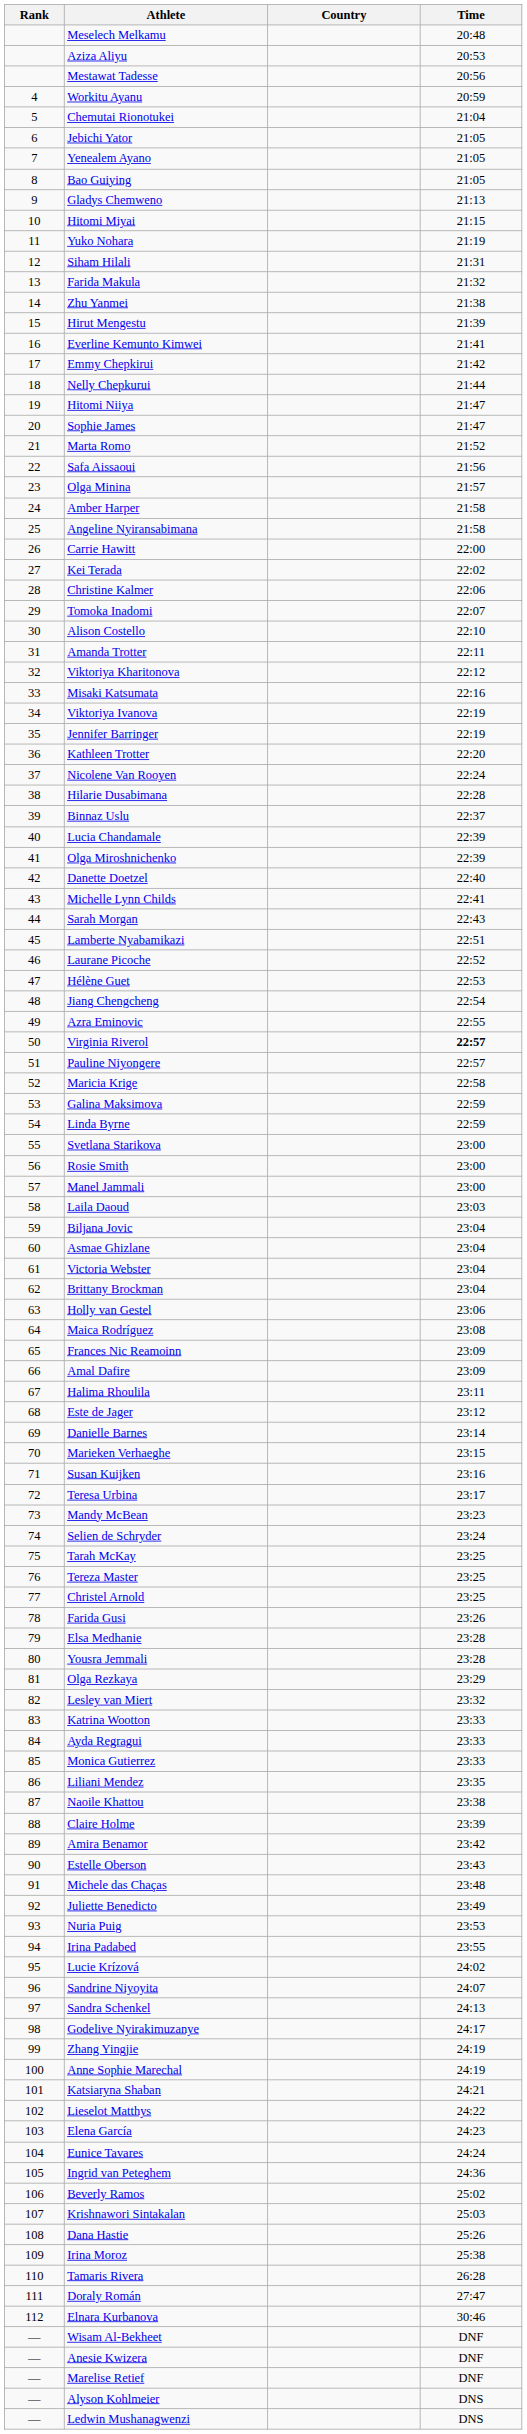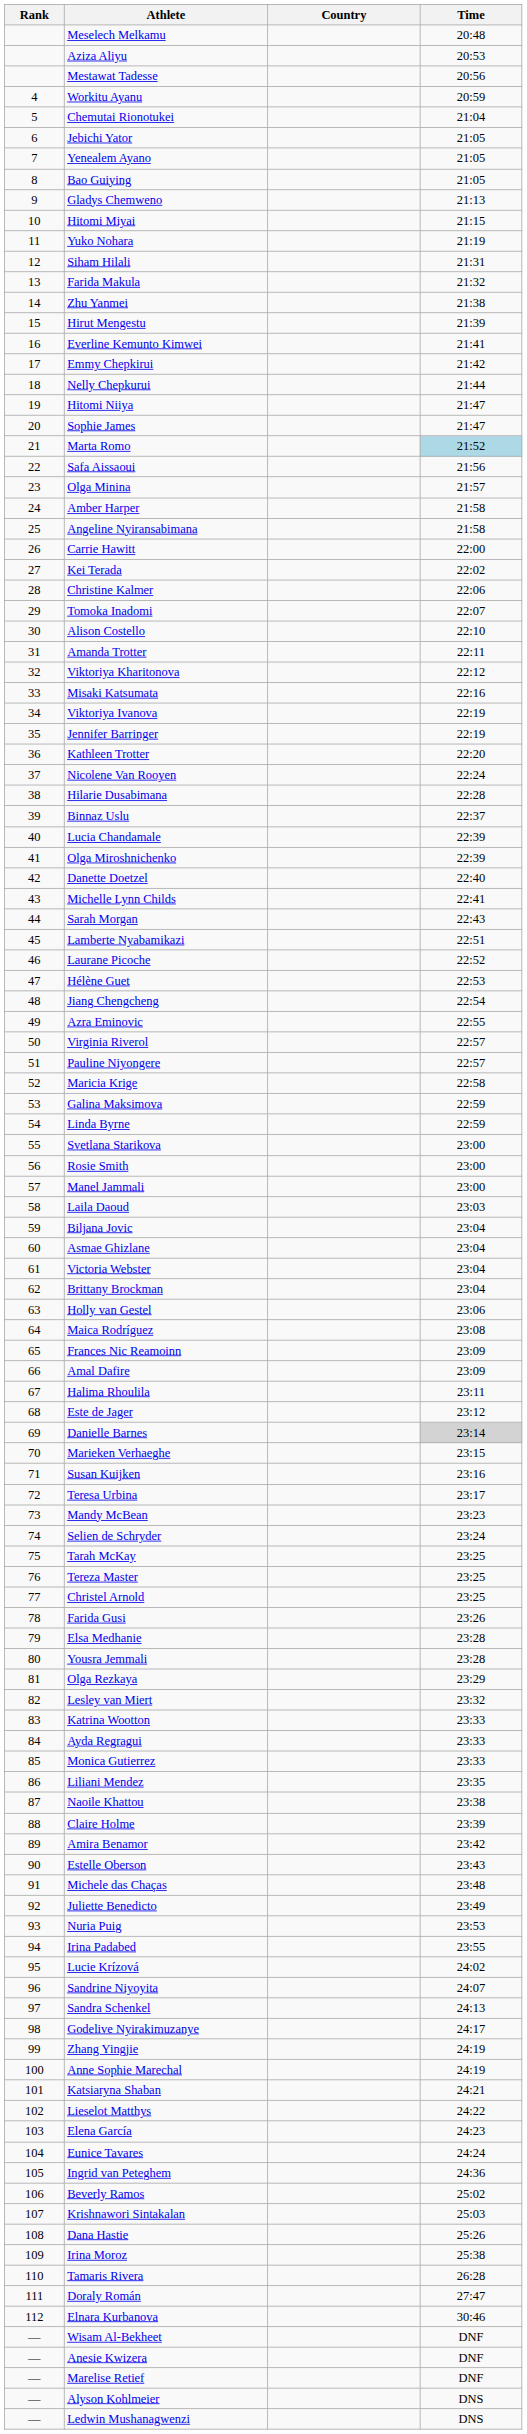 <table class="wikitable sortable" style=" text-align:center; font-size:95%;" width="50%">
 <tr>
 <th width=5%>Rank</th>
 <th width=20%>Athlete</th>
 <th width=15%>Country</th>
 <th width=10%>Time</th>
 </tr>
 <tr>
 <td align=center></td>
 <td align=left><a href='#'>Meselech Melkamu</a></td>
 <td align=left></td>
 <td>20:48</td>
 </tr>
 <tr>
 <td align=center></td>
 <td align=left><a href='#'>Aziza Aliyu</a></td>
 <td align=left></td>
 <td>20:53</td>
 </tr>
 <tr>
 <td align=center></td>
 <td align=left><a href='#'>Mestawat Tadesse</a></td>
 <td align=left></td>
 <td>20:56</td>
 </tr>
 <tr>
 <td align=center>4</td>
 <td align=left><a href='#'>Workitu Ayanu</a></td>
 <td align=left></td>
 <td>20:59</td>
 </tr>
 <tr>
 <td align=center>5</td>
 <td align=left><a href='#'>Chemutai Rionotukei</a></td>
 <td align=left></td>
 <td>21:04</td>
 </tr>
 <tr>
 <td align=center>6</td>
 <td align=left><a href='#'>Jebichi Yator</a></td>
 <td align=left></td>
 <td>21:05</td>
 </tr>
 <tr>
 <td align=center>7</td>
 <td align=left><a href='#'>Yenealem Ayano</a></td>
 <td align=left></td>
 <td>21:05</td>
 </tr>
 <tr>
 <td align=center>8</td>
 <td align=left><a href='#'>Bao Guiying</a></td>
 <td align=left></td>
 <td>21:05</td>
 </tr>
 <tr>
 <td align=center>9</td>
 <td align=left><a href='#'>Gladys Chemweno</a></td>
 <td align=left></td>
 <td>21:13</td>
 </tr>
 <tr>
 <td align=center>10</td>
 <td align=left><a href='#'>Hitomi Miyai</a></td>
 <td align=left></td>
 <td>21:15</td>
 </tr>
 <tr>
 <td align=center>11</td>
 <td align=left><a href='#'>Yuko Nohara</a></td>
 <td align=left></td>
 <td>21:19</td>
 </tr>
 <tr>
 <td align=center>12</td>
 <td align=left><a href='#'>Siham Hilali</a></td>
 <td align=left></td>
 <td>21:31</td>
 </tr>
 <tr>
 <td align=center>13</td>
 <td align=left><a href='#'>Farida Makula</a></td>
 <td align=left></td>
 <td>21:32</td>
 </tr>
 <tr>
 <td align=center>14</td>
 <td align=left><a href='#'>Zhu Yanmei</a></td>
 <td align=left></td>
 <td>21:38</td>
 </tr>
 <tr>
 <td align=center>15</td>
 <td align=left><a href='#'>Hirut Mengestu</a></td>
 <td align=left></td>
 <td>21:39</td>
 </tr>
 <tr>
 <td align=center>16</td>
 <td align=left><a href='#'>Everline Kemunto Kimwei</a></td>
 <td align=left></td>
 <td>21:41</td>
 </tr>
 <tr>
 <td align=center>17</td>
 <td align=left><a href='#'>Emmy Chepkirui</a></td>
 <td align=left></td>
 <td>21:42</td>
 </tr>
 <tr>
 <td align=center>18</td>
 <td align=left><a href='#'>Nelly Chepkurui</a></td>
 <td align=left></td>
 <td>21:44</td>
 </tr>
 <tr>
 <td align=center>19</td>
 <td align=left><a href='#'>Hitomi Niiya</a></td>
 <td align=left></td>
 <td>21:47</td>
 </tr>
 <tr>
 <td align=center>20</td>
 <td align=left><a href='#'>Sophie James</a></td>
 <td align=left></td>
 <td>21:47</td>
 </tr>
 <tr>
 <td align=center>21</td>
 <td align=left><a href='#'>Marta Romo</a></td>
 <td align=left></td>
-<td>21:52</td>
+<td style="background: lightblue;">21:52</td>
 </tr>
 <tr>
 <td align=center>22</td>
 <td align=left><a href='#'>Safa Aissaoui</a></td>
 <td align=left></td>
 <td>21:56</td>
 </tr>
 <tr>
 <td align=center>23</td>
 <td align=left><a href='#'>Olga Minina</a></td>
 <td align=left></td>
 <td>21:57</td>
 </tr>
 <tr>
 <td align=center>24</td>
 <td align=left><a href='#'>Amber Harper</a></td>
 <td align=left></td>
 <td>21:58</td>
 </tr>
 <tr>
 <td align=center>25</td>
 <td align=left><a href='#'>Angeline Nyiransabimana</a></td>
 <td align=left></td>
 <td>21:58</td>
 </tr>
 <tr>
 <td align=center>26</td>
 <td align=left><a href='#'>Carrie Hawitt</a></td>
 <td align=left></td>
 <td>22:00</td>
 </tr>
 <tr>
 <td align=center>27</td>
 <td align=left><a href='#'>Kei Terada</a></td>
 <td align=left></td>
 <td>22:02</td>
 </tr>
 <tr>
 <td align=center>28</td>
 <td align=left><a href='#'>Christine Kalmer</a></td>
 <td align=left></td>
 <td>22:06</td>
 </tr>
 <tr>
 <td align=center>29</td>
 <td align=left><a href='#'>Tomoka Inadomi</a></td>
 <td align=left></td>
 <td>22:07</td>
 </tr>
 <tr>
 <td align=center>30</td>
 <td align=left><a href='#'>Alison Costello</a></td>
 <td align=left></td>
 <td>22:10</td>
 </tr>
 <tr>
 <td align=center>31</td>
 <td align=left><a href='#'>Amanda Trotter</a></td>
 <td align=left></td>
 <td>22:11</td>
 </tr>
 <tr>
 <td align=center>32</td>
 <td align=left><a href='#'>Viktoriya Kharitonova</a></td>
 <td align=left></td>
 <td>22:12</td>
 </tr>
 <tr>
 <td align=center>33</td>
 <td align=left><a href='#'>Misaki Katsumata</a></td>
 <td align=left></td>
 <td>22:16</td>
 </tr>
 <tr>
 <td align=center>34</td>
 <td align=left><a href='#'>Viktoriya Ivanova</a></td>
 <td align=left></td>
 <td>22:19</td>
 </tr>
 <tr>
 <td align=center>35</td>
 <td align=left><a href='#'>Jennifer Barringer</a></td>
 <td align=left></td>
 <td>22:19</td>
 </tr>
 <tr>
 <td align=center>36</td>
 <td align=left><a href='#'>Kathleen Trotter</a></td>
 <td align=left></td>
 <td>22:20</td>
 </tr>
 <tr>
 <td align=center>37</td>
 <td align=left><a href='#'>Nicolene Van Rooyen</a></td>
 <td align=left></td>
 <td>22:24</td>
 </tr>
 <tr>
 <td align=center>38</td>
 <td align=left><a href='#'>Hilarie Dusabimana</a></td>
 <td align=left></td>
 <td>22:28</td>
 </tr>
 <tr>
 <td align=center>39</td>
 <td align=left><a href='#'>Binnaz Uslu</a></td>
 <td align=left></td>
 <td>22:37</td>
 </tr>
 <tr>
 <td align=center>40</td>
 <td align=left><a href='#'>Lucia Chandamale</a></td>
 <td align=left></td>
 <td>22:39</td>
 </tr>
 <tr>
 <td align=center>41</td>
 <td align=left><a href='#'>Olga Miroshnichenko</a></td>
 <td align=left></td>
 <td>22:39</td>
 </tr>
 <tr>
 <td align=center>42</td>
 <td align=left><a href='#'>Danette Doetzel</a></td>
 <td align=left></td>
 <td>22:40</td>
 </tr>
 <tr>
 <td align=center>43</td>
 <td align=left><a href='#'>Michelle Lynn Childs</a></td>
 <td align=left></td>
 <td>22:41</td>
 </tr>
 <tr>
 <td align=center>44</td>
 <td align=left><a href='#'>Sarah Morgan</a></td>
 <td align=left></td>
 <td>22:43</td>
 </tr>
 <tr>
 <td align=center>45</td>
 <td align=left><a href='#'>Lamberte Nyabamikazi</a></td>
 <td align=left></td>
 <td>22:51</td>
 </tr>
 <tr>
 <td align=center>46</td>
 <td align=left><a href='#'>Laurane Picoche</a></td>
 <td align=left></td>
 <td>22:52</td>
 </tr>
 <tr>
 <td align=center>47</td>
 <td align=left><a href='#'>Hélène Guet</a></td>
 <td align=left></td>
 <td>22:53</td>
 </tr>
 <tr>
 <td align=center>48</td>
 <td align=left><a href='#'>Jiang Chengcheng</a></td>
 <td align=left></td>
 <td>22:54</td>
 </tr>
 <tr>
 <td align=center>49</td>
 <td align=left><a href='#'>Azra Eminovic</a></td>
 <td align=left></td>
 <td>22:55</td>
 </tr>
 <tr>
 <td align=center>50</td>
 <td align=left><a href='#'>Virginia Riverol</a></td>
 <td align=left></td>
-<td><strong>22:57</strong></td>
+<td>22:57</td>
 </tr>
 <tr>
 <td align=center>51</td>
 <td align=left><a href='#'>Pauline Niyongere</a></td>
 <td align=left></td>
 <td>22:57</td>
 </tr>
 <tr>
 <td align=center>52</td>
 <td align=left><a href='#'>Maricia Krige</a></td>
 <td align=left></td>
 <td>22:58</td>
 </tr>
 <tr>
 <td align=center>53</td>
 <td align=left><a href='#'>Galina Maksimova</a></td>
 <td align=left></td>
 <td>22:59</td>
 </tr>
 <tr>
 <td align=center>54</td>
 <td align=left><a href='#'>Linda Byrne</a></td>
 <td align=left></td>
 <td>22:59</td>
 </tr>
 <tr>
 <td align=center>55</td>
 <td align=left><a href='#'>Svetlana Starikova</a></td>
 <td align=left></td>
 <td>23:00</td>
 </tr>
 <tr>
 <td align=center>56</td>
 <td align=left><a href='#'>Rosie Smith</a></td>
 <td align=left></td>
 <td>23:00</td>
 </tr>
 <tr>
 <td align=center>57</td>
 <td align=left><a href='#'>Manel Jammali</a></td>
 <td align=left></td>
 <td>23:00</td>
 </tr>
 <tr>
 <td align=center>58</td>
 <td align=left><a href='#'>Laila Daoud</a></td>
 <td align=left></td>
 <td>23:03</td>
 </tr>
 <tr>
 <td align=center>59</td>
 <td align=left><a href='#'>Biljana Jovic</a></td>
 <td align=left></td>
 <td>23:04</td>
 </tr>
 <tr>
 <td align=center>60</td>
 <td align=left><a href='#'>Asmae Ghizlane</a></td>
 <td align=left></td>
 <td>23:04</td>
 </tr>
 <tr>
 <td align=center>61</td>
 <td align=left><a href='#'>Victoria Webster</a></td>
 <td align=left></td>
 <td>23:04</td>
 </tr>
 <tr>
 <td align=center>62</td>
 <td align=left><a href='#'>Brittany Brockman</a></td>
 <td align=left></td>
 <td>23:04</td>
 </tr>
 <tr>
 <td align=center>63</td>
 <td align=left><a href='#'>Holly van Gestel</a></td>
 <td align=left></td>
 <td>23:06</td>
 </tr>
 <tr>
 <td align=center>64</td>
 <td align=left><a href='#'>Maica Rodríguez</a></td>
 <td align=left></td>
 <td>23:08</td>
 </tr>
 <tr>
 <td align=center>65</td>
 <td align=left><a href='#'>Frances Nic Reamoinn</a></td>
 <td align=left></td>
 <td>23:09</td>
 </tr>
 <tr>
 <td align=center>66</td>
 <td align=left><a href='#'>Amal Dafire</a></td>
 <td align=left></td>
 <td>23:09</td>
 </tr>
 <tr>
 <td align=center>67</td>
 <td align=left><a href='#'>Halima Rhoulila</a></td>
 <td align=left></td>
 <td>23:11</td>
 </tr>
 <tr>
 <td align=center>68</td>
 <td align=left><a href='#'>Este de Jager</a></td>
 <td align=left></td>
 <td>23:12</td>
 </tr>
 <tr>
 <td align=center>69</td>
 <td align=left><a href='#'>Danielle Barnes</a></td>
 <td align=left></td>
-<td>23:14</td>
+<td style="background: lightgrey;">23:14</td>
 </tr>
 <tr>
 <td align=center>70</td>
 <td align=left><a href='#'>Marieken Verhaeghe</a></td>
 <td align=left></td>
 <td>23:15</td>
 </tr>
 <tr>
 <td align=center>71</td>
 <td align=left><a href='#'>Susan Kuijken</a></td>
 <td align=left></td>
 <td>23:16</td>
 </tr>
 <tr>
 <td align=center>72</td>
 <td align=left><a href='#'>Teresa Urbina</a></td>
 <td align=left></td>
 <td>23:17</td>
 </tr>
 <tr>
 <td align=center>73</td>
 <td align=left><a href='#'>Mandy McBean</a></td>
 <td align=left></td>
 <td>23:23</td>
 </tr>
 <tr>
 <td align=center>74</td>
 <td align=left><a href='#'>Selien de Schryder</a></td>
 <td align=left></td>
 <td>23:24</td>
 </tr>
 <tr>
 <td align=center>75</td>
 <td align=left><a href='#'>Tarah McKay</a></td>
 <td align=left></td>
 <td>23:25</td>
 </tr>
 <tr>
 <td align=center>76</td>
 <td align=left><a href='#'>Tereza Master</a></td>
 <td align=left></td>
 <td>23:25</td>
 </tr>
 <tr>
 <td align=center>77</td>
 <td align=left><a href='#'>Christel Arnold</a></td>
 <td align=left></td>
 <td>23:25</td>
 </tr>
 <tr>
 <td align=center>78</td>
 <td align=left><a href='#'>Farida Gusi</a></td>
 <td align=left></td>
 <td>23:26</td>
 </tr>
 <tr>
 <td align=center>79</td>
 <td align=left><a href='#'>Elsa Medhanie</a></td>
 <td align=left></td>
 <td>23:28</td>
 </tr>
 <tr>
 <td align=center>80</td>
 <td align=left><a href='#'>Yousra Jemmali</a></td>
 <td align=left></td>
 <td>23:28</td>
 </tr>
 <tr>
 <td align=center>81</td>
 <td align=left><a href='#'>Olga Rezkaya</a></td>
 <td align=left></td>
 <td>23:29</td>
 </tr>
 <tr>
 <td align=center>82</td>
 <td align=left><a href='#'>Lesley van Miert</a></td>
 <td align=left></td>
 <td>23:32</td>
 </tr>
 <tr>
 <td align=center>83</td>
 <td align=left><a href='#'>Katrina Wootton</a></td>
 <td align=left></td>
 <td>23:33</td>
 </tr>
 <tr>
 <td align=center>84</td>
 <td align=left><a href='#'>Ayda Regragui</a></td>
 <td align=left></td>
 <td>23:33</td>
 </tr>
 <tr>
 <td align=center>85</td>
 <td align=left><a href='#'>Monica Gutierrez</a></td>
 <td align=left></td>
 <td>23:33</td>
 </tr>
 <tr>
 <td align=center>86</td>
 <td align=left><a href='#'>Liliani Mendez</a></td>
 <td align=left></td>
 <td>23:35</td>
 </tr>
 <tr>
 <td align=center>87</td>
 <td align=left><a href='#'>Naoile Khattou</a></td>
 <td align=left></td>
 <td>23:38</td>
 </tr>
 <tr>
 <td align=center>88</td>
 <td align=left><a href='#'>Claire Holme</a></td>
 <td align=left></td>
 <td>23:39</td>
 </tr>
 <tr>
 <td align=center>89</td>
 <td align=left><a href='#'>Amira Benamor</a></td>
 <td align=left></td>
 <td>23:42</td>
 </tr>
 <tr>
 <td align=center>90</td>
 <td align=left><a href='#'>Estelle Oberson</a></td>
 <td align=left></td>
 <td>23:43</td>
 </tr>
 <tr>
 <td align=center>91</td>
 <td align=left><a href='#'>Michele das Chaças</a></td>
 <td align=left></td>
 <td>23:48</td>
 </tr>
 <tr>
 <td align=center>92</td>
 <td align=left><a href='#'>Juliette Benedicto</a></td>
 <td align=left></td>
 <td>23:49</td>
 </tr>
 <tr>
 <td align=center>93</td>
 <td align=left><a href='#'>Nuria Puig</a></td>
 <td align=left></td>
 <td>23:53</td>
 </tr>
 <tr>
 <td align=center>94</td>
 <td align=left><a href='#'>Irina Padabed</a></td>
 <td align=left></td>
 <td>23:55</td>
 </tr>
 <tr>
 <td align=center>95</td>
 <td align=left><a href='#'>Lucie Krízová</a></td>
 <td align=left></td>
 <td>24:02</td>
 </tr>
 <tr>
 <td align=center>96</td>
 <td align=left><a href='#'>Sandrine Niyoyita</a></td>
 <td align=left></td>
 <td>24:07</td>
 </tr>
 <tr>
 <td align=center>97</td>
 <td align=left><a href='#'>Sandra Schenkel</a></td>
 <td align=left></td>
 <td>24:13</td>
 </tr>
 <tr>
 <td align=center>98</td>
 <td align=left><a href='#'>Godelive Nyirakimuzanye</a></td>
 <td align=left></td>
 <td>24:17</td>
 </tr>
 <tr>
 <td align=center>99</td>
 <td align=left><a href='#'>Zhang Yingjie</a></td>
 <td align=left></td>
 <td>24:19</td>
 </tr>
 <tr>
 <td align=center>100</td>
 <td align=left><a href='#'>Anne Sophie Marechal</a></td>
 <td align=left></td>
 <td>24:19</td>
 </tr>
 <tr>
 <td align=center>101</td>
 <td align=left><a href='#'>Katsiaryna Shaban</a></td>
 <td align=left></td>
 <td>24:21</td>
 </tr>
 <tr>
 <td align=center>102</td>
 <td align=left><a href='#'>Lieselot Matthys</a></td>
 <td align=left></td>
 <td>24:22</td>
 </tr>
 <tr>
 <td align=center>103</td>
 <td align=left><a href='#'>Elena García</a></td>
 <td align=left></td>
 <td>24:23</td>
 </tr>
 <tr>
 <td align=center>104</td>
 <td align=left><a href='#'>Eunice Tavares</a></td>
 <td align=left></td>
 <td>24:24</td>
 </tr>
 <tr>
 <td align=center>105</td>
 <td align=left><a href='#'>Ingrid van Peteghem</a></td>
 <td align=left></td>
 <td>24:36</td>
 </tr>
 <tr>
 <td align=center>106</td>
 <td align=left><a href='#'>Beverly Ramos</a></td>
 <td align=left></td>
 <td>25:02</td>
 </tr>
 <tr>
 <td align=center>107</td>
 <td align=left><a href='#'>Krishnawori Sintakalan</a></td>
 <td align=left></td>
 <td>25:03</td>
 </tr>
 <tr>
 <td align=center>108</td>
 <td align=left><a href='#'>Dana Hastie</a></td>
 <td align=left></td>
 <td>25:26</td>
 </tr>
 <tr>
 <td align=center>109</td>
 <td align=left><a href='#'>Irina Moroz</a></td>
 <td align=left></td>
 <td>25:38</td>
 </tr>
 <tr>
 <td align=center>110</td>
 <td align=left><a href='#'>Tamaris Rivera</a></td>
 <td align=left></td>
 <td>26:28</td>
 </tr>
 <tr>
 <td align=center>111</td>
 <td align=left><a href='#'>Doraly Román</a></td>
 <td align=left></td>
 <td>27:47</td>
 </tr>
 <tr>
 <td align=center>112</td>
 <td align=left><a href='#'>Elnara Kurbanova</a></td>
 <td align=left></td>
 <td>30:46</td>
 </tr>
 <tr>
 <td align=center>—</td>
 <td align=left><a href='#'>Wisam Al-Bekheet</a></td>
 <td align=left></td>
 <td>DNF</td>
 </tr>
 <tr>
 <td align=center>—</td>
 <td align=left><a href='#'>Anesie Kwizera</a></td>
 <td align=left></td>
 <td>DNF</td>
 </tr>
 <tr>
 <td align=center>—</td>
 <td align=left><a href='#'>Marelise Retief</a></td>
 <td align=left></td>
 <td>DNF</td>
 </tr>
 <tr>
 <td align=center>—</td>
 <td align=left><a href='#'>Alyson Kohlmeier</a></td>
 <td align=left></td>
 <td>DNS</td>
 </tr>
 <tr>
 <td align=center>—</td>
 <td align=left><a href='#'>Ledwin Mushanagwenzi</a></td>
 <td align=left></td>
 <td>DNS</td>
 </tr>
 </table>
